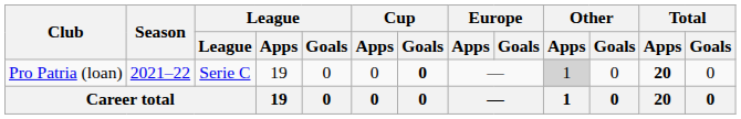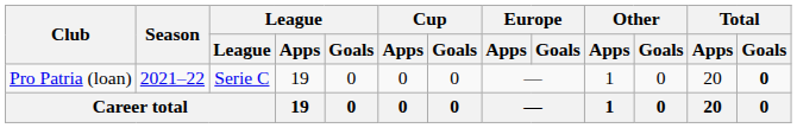 <table class="wikitable" style="text-align: center;">
 <tr>
 <th rowspan="2">Club</th>
 <th rowspan="2">Season</th>
 <th colspan="3">League</th>
 <th colspan="2">Cup</th>
 <th colspan="2">Europe</th>
 <th colspan="2">Other</th>
 <th colspan="2">Total</th>
 </tr>
 <tr>
 <th>League</th>
 <th>Apps</th>
 <th>Goals</th>
 <th>Apps</th>
 <th>Goals</th>
 <th>Apps</th>
 <th>Goals</th>
 <th>Apps</th>
 <th>Goals</th>
 <th>Apps</th>
 <th>Goals</th>
 </tr>
 <tr>
 <td><a href='#'>Pro Patria</a> (loan)</td>
 <td><a href='#'>2021–22</a></td>
 <td><a href='#'>Serie C</a></td>
 <td>19</td>
 <td>0</td>
 <td>0</td>
+<td>0</td>
+<td colspan="2">—</td>
+<td>1</td>
+<td>0</td>
+<td>20</td>
 <td><strong>0</strong></td>
-<td colspan="2">—</td>
-<td style="background: lightgrey;">1</td>
-<td>0</td>
-<td><strong>20</strong></td>
-<td>0</td>
 </tr>
 <tr>
 <th colspan="3">Career total</th>
 <th>19</th>
 <th>0</th>
 <th>0</th>
 <th>0</th>
 <th colspan="2">—</th>
 <th>1</th>
 <th>0</th>
 <th>20</th>
 <th>0</th>
 </tr>
 </table>
